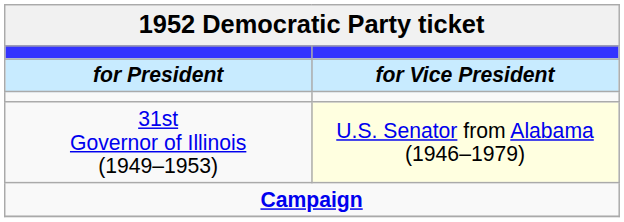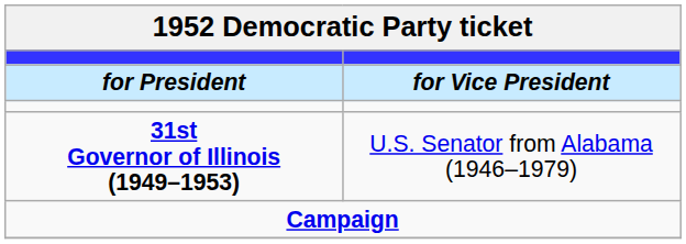 <table class="wikitable" style="font-size:90%; text-align:center;">
 <tr>
 <td style="background-color:#f1f1f1;" colspan="30"><big><strong>1952 Democratic Party ticket </strong></big></td>
 </tr>
 <tr>
 <th style=" font-size:135%; background-color:#3333FF; width:200px;"><a href='#'></a></th>
 <th style=" font-size:135%; background-color:#3333FF; width:200px;"><a href='#'></a></th>
 </tr>
 <tr>
 <td style=" font-size:100%; color:#000; background-color:#C8EBFF; width:200px;"><strong><em>for President</em></strong></td>
 <td style=" font-size:100%; color:#000; background-color:#C8EBFF; width:200px;"><strong><em>for Vice President</em></strong></td>
 </tr>
 <tr>
 <td></td>
 <td></td>
 </tr>
 <tr>
-<td><a href='#'>31st</a><br><a href='#'>Governor of Illinois</a><br>(1949–1953)</td>
-<td style="background: lightyellow;"><a href='#'>U.S. Senator</a> from <a href='#'>Alabama</a><br>(1946–1979)</td>
+<td><strong><a href='#'>31st</a><br><a href='#'>Governor of Illinois</a><br>(1949–1953)</strong></td>
+<td><a href='#'>U.S. Senator</a> from <a href='#'>Alabama</a><br>(1946–1979)</td>
 </tr>
 <tr>
 <td colspan=2><a href='#'><strong>Campaign</strong></a></td>
 </tr>
 <tr>
 </tr>
 </table>
